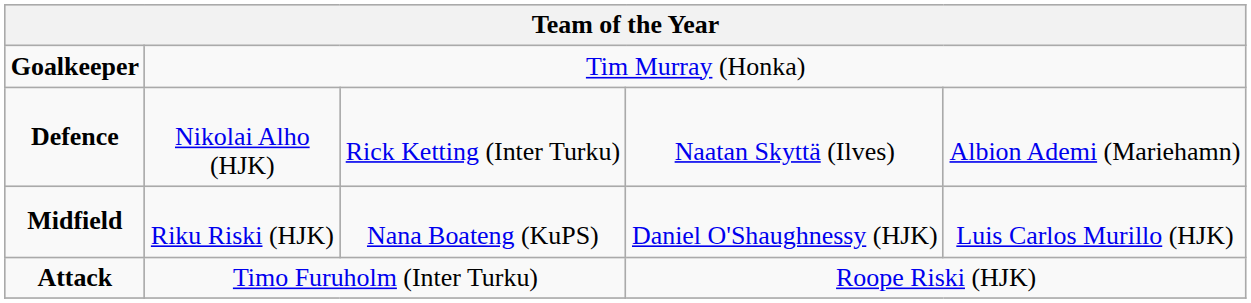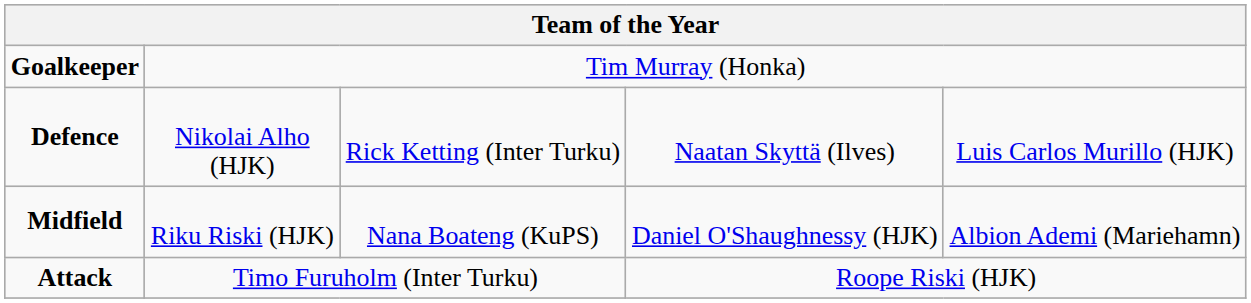 <table class="wikitable" style="text-align:center">
 <tr>
 <th colspan="13">Team of the Year</th>
 </tr>
 <tr>
 <td><strong>Goalkeeper</strong></td>
 <td colspan="4"> <a href='#'>Tim Murray</a> (Honka)</td>
 </tr>
 <tr>
 <td><strong>Defence</strong></td>
 <td lowspan="1"><br><a href='#'>Nikolai Alho</a><br>(HJK)</td>
 <td lowspan="1"><br><a href='#'>Rick Ketting</a> (Inter Turku)</td>
 <td lowspan="1"><br><a href='#'>Naatan Skyttä</a> (Ilves)</td>
-<td lowspan="1"><br><a href='#'>Albion Ademi</a>  (Mariehamn)</td>
+<td><br><a href='#'>Luis Carlos Murillo</a> (HJK)</td>
 </tr>
 <tr>
 <td><strong>Midfield</strong></td>
 <td><br><a href='#'>Riku Riski</a>  (HJK)</td>
 <td lowspan="1"><br> <a href='#'>Nana Boateng</a> (KuPS)</td>
 <td><br><a href='#'>Daniel O'Shaughnessy</a> (HJK)</td>
-<td><br><a href='#'>Luis Carlos Murillo</a> (HJK)</td>
+<td lowspan="1"><br><a href='#'>Albion Ademi</a>  (Mariehamn)</td>
 </tr>
 <tr>
 <td><strong>Attack</strong></td>
 <td colspan="2.5"> <a href='#'>Timo Furuholm</a> (Inter Turku)</td>
 <td colspan="2.5"> <a href='#'>Roope Riski</a> (HJK)</td>
 </tr>
 </table>
